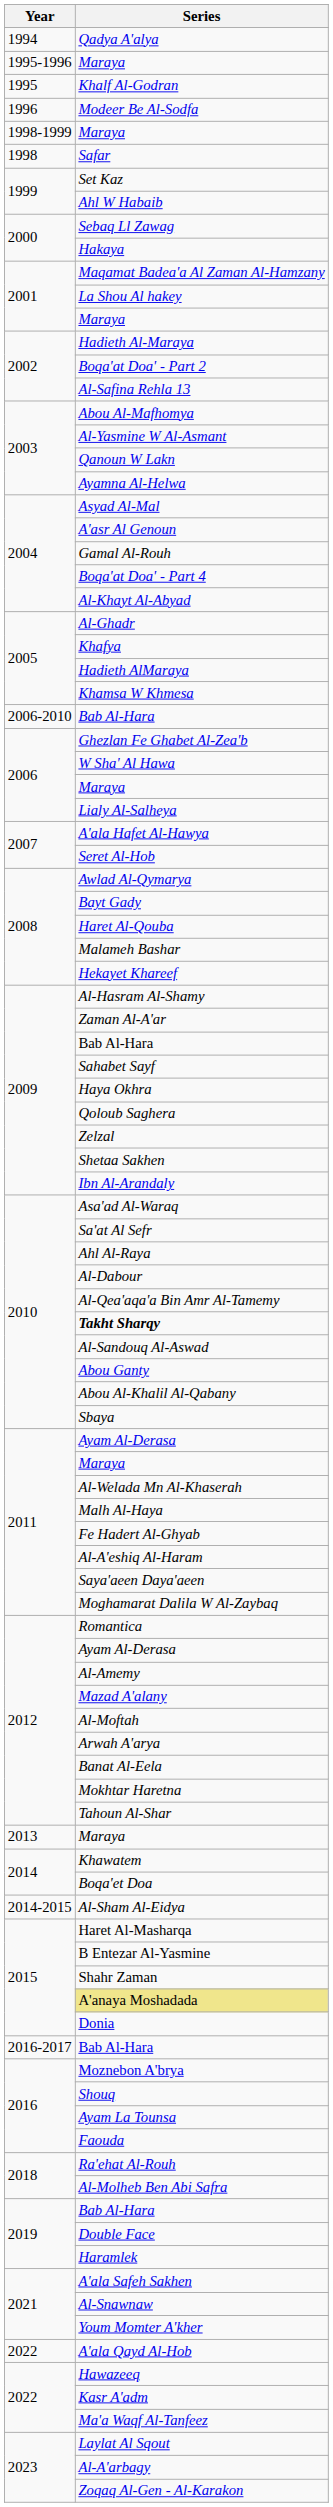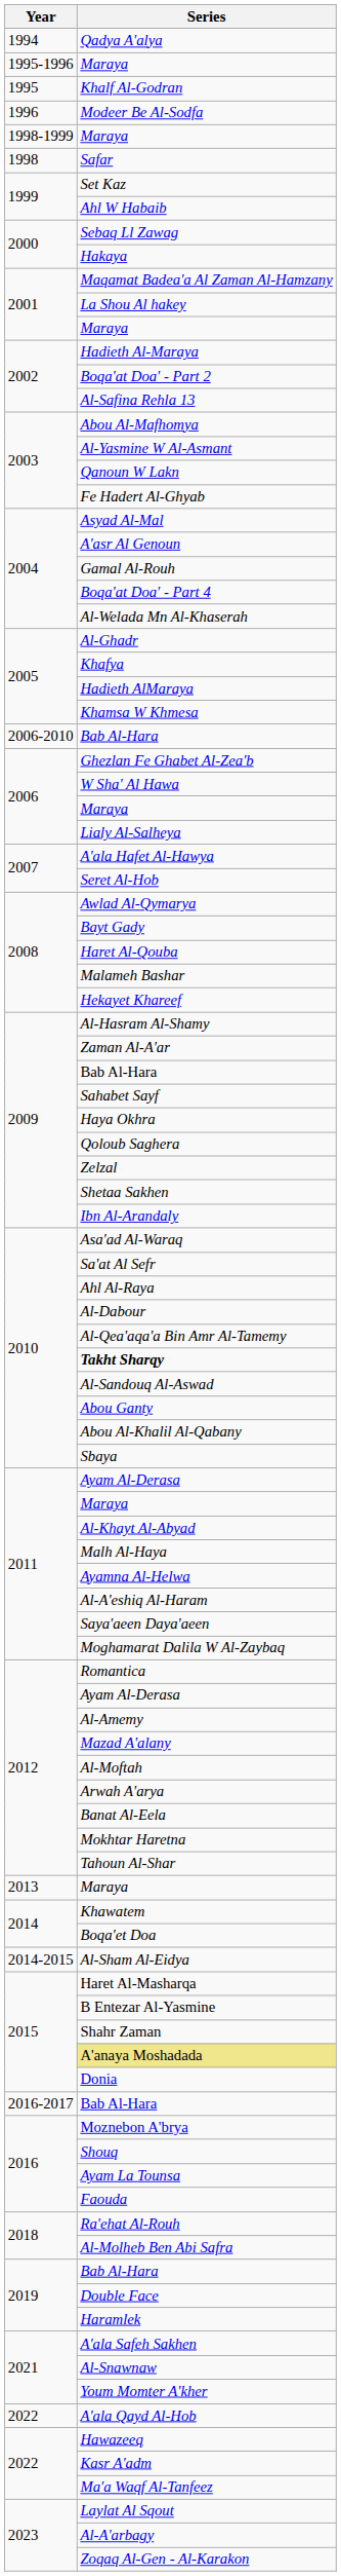 <table class="wikitable">
 <tr>
 <th>Year</th>
 <th>Series</th>
 </tr>
 <tr>
 <td>1994</td>
 <td><em><a href='#'>Qadya A'alya</a></em></td>
 </tr>
 <tr>
 <td>1995-1996</td>
 <td><em><a href='#'>Maraya</a></em></td>
 </tr>
 <tr>
 <td>1995</td>
 <td><em><a href='#'>Khalf Al-Godran</a></em></td>
 </tr>
 <tr>
 <td>1996</td>
 <td><em><a href='#'>Modeer Be Al-Sodfa</a></em></td>
 </tr>
 <tr>
 <td>1998-1999</td>
 <td><em><a href='#'>Maraya</a></em></td>
 </tr>
 <tr>
 <td>1998</td>
 <td><em><a href='#'>Safar</a></em></td>
 </tr>
 <tr>
 <td rowspan="2">1999</td>
 <td><em>Set Kaz</em></td>
 </tr>
 <tr>
 <td><em><a href='#'>Ahl W Habaib</a></em></td>
 </tr>
 <tr>
 <td rowspan="2">2000</td>
 <td><em><a href='#'>Sebaq Ll Zawag</a></em></td>
 </tr>
 <tr>
 <td><em><a href='#'>Hakaya</a></em></td>
 </tr>
 <tr>
 <td rowspan="3">2001</td>
 <td><em><a href='#'>Maqamat Badea'a Al Zaman Al-Hamzany</a></em></td>
 </tr>
 <tr>
 <td><em><a href='#'>La Shou Al hakey</a></em></td>
 </tr>
 <tr>
 <td><em><a href='#'>Maraya</a></em></td>
 </tr>
 <tr>
 <td rowspan="3">2002</td>
 <td><em><a href='#'>Hadieth Al-Maraya</a></em></td>
 </tr>
 <tr>
 <td><em><a href='#'>Boqa'at Doa' - Part 2</a></em></td>
 </tr>
 <tr>
 <td><em><a href='#'>Al-Safina Rehla 13</a></em></td>
 </tr>
 <tr>
 <td rowspan="4">2003</td>
 <td><em><a href='#'>Abou Al-Mafhomya</a></em></td>
 </tr>
 <tr>
 <td><em><a href='#'>Al-Yasmine W Al-Asmant</a></em></td>
 </tr>
 <tr>
 <td><em><a href='#'>Qanoun W Lakn</a></em></td>
 </tr>
 <tr>
-<td><em><a href='#'>Ayamna Al-Helwa</a></em></td>
+<td><em>Fe Hadert Al-Ghyab</em></td>
 </tr>
 <tr>
 <td rowspan="5">2004</td>
 <td><em><a href='#'>Asyad Al-Mal</a></em></td>
 </tr>
 <tr>
 <td><em><a href='#'>A'asr Al Genoun</a></em></td>
 </tr>
 <tr>
 <td><em>Gamal Al-Rouh</em></td>
 </tr>
 <tr>
 <td><em><a href='#'>Boqa'at Doa' - Part 4</a></em></td>
 </tr>
 <tr>
-<td><em><a href='#'>Al-Khayt Al-Abyad</a></em></td>
+<td><em>Al-Welada Mn Al-Khaserah</em></td>
 </tr>
 <tr>
 <td rowspan="4">2005</td>
 <td><em><a href='#'>Al-Ghadr</a></em></td>
 </tr>
 <tr>
 <td><em><a href='#'>Khafya</a></em></td>
 </tr>
 <tr>
 <td><em><a href='#'>Hadieth AlMaraya</a></em></td>
 </tr>
 <tr>
 <td><em><a href='#'>Khamsa W Khmesa</a></em></td>
 </tr>
 <tr>
 <td>2006-2010</td>
 <td><em><a href='#'>Bab Al-Hara</a></em></td>
 </tr>
 <tr>
 <td rowspan="4">2006</td>
 <td><em><a href='#'>Ghezlan Fe Ghabet Al-Zea'b</a></em></td>
 </tr>
 <tr>
 <td><em><a href='#'>W Sha' Al Hawa</a></em></td>
 </tr>
 <tr>
 <td><em><a href='#'>Maraya</a></em></td>
 </tr>
 <tr>
 <td><em><a href='#'>Lialy Al-Salheya</a></em></td>
 </tr>
 <tr>
 <td rowspan="2">2007</td>
 <td><em><a href='#'>A'ala Hafet Al-Hawya</a></em></td>
 </tr>
 <tr>
 <td><em><a href='#'>Seret Al-Hob</a></em></td>
 </tr>
 <tr>
 <td rowspan="5">2008</td>
 <td><em><a href='#'>Awlad Al-Qymarya</a></em></td>
 </tr>
 <tr>
 <td><em><a href='#'>Bayt Gady</a></em></td>
 </tr>
 <tr>
 <td><em><a href='#'>Haret Al-Qouba</a></em></td>
 </tr>
 <tr>
 <td><em>Malameh Bashar</em></td>
 </tr>
 <tr>
 <td><em><a href='#'>Hekayet Khareef</a></em></td>
 </tr>
 <tr>
 <td rowspan="9">2009</td>
 <td><em>Al-Hasram Al-Shamy</em></td>
 </tr>
 <tr>
 <td><em>Zaman Al-A'ar</em></td>
 </tr>
 <tr>
 <td></em>Bab Al-Hara<em></td>
 </tr>
 <tr>
 <td><em>Sahabet Sayf</em></td>
 </tr>
 <tr>
 <td><em>Haya Okhra</em></td>
 </tr>
 <tr>
 <td><em>Qoloub Saghera</em></td>
 </tr>
 <tr>
 <td><em>Zelzal</em></td>
 </tr>
 <tr>
 <td><em>Shetaa Sakhen</em></td>
 </tr>
 <tr>
 <td><em><a href='#'>Ibn Al-Arandaly</a></em></td>
 </tr>
 <tr>
 <td rowspan="10">2010</td>
 <td><em>Asa'ad Al-Waraq</em></td>
 </tr>
 <tr>
 <td><em>Sa'at Al Sefr</em></td>
 </tr>
 <tr>
 <td><em>Ahl Al-Raya</em></td>
 </tr>
 <tr>
 <td><em>Al-Dabour</em></td>
 </tr>
 <tr>
 <td><em>Al-Qea'aqa'a Bin  Amr Al-Tamemy</em></td>
 </tr>
 <tr>
 <td><strong><em>Takht Sharqy</em></strong></td>
 </tr>
 <tr>
 <td><em>Al-Sandouq Al-Aswad</em></td>
 </tr>
 <tr>
 <td><em><a href='#'>Abou Ganty</a></em></td>
 </tr>
 <tr>
 <td><em>Abou Al-Khalil Al-Qabany</em></td>
 </tr>
 <tr>
 <td><em>Sbaya</em></td>
 </tr>
 <tr>
 <td rowspan="8">2011</td>
 <td><em><a href='#'>Ayam Al-Derasa</a></em></td>
 </tr>
 <tr>
 <td><em><a href='#'>Maraya</a></em></td>
 </tr>
 <tr>
-<td><em>Al-Welada Mn Al-Khaserah</em></td>
+<td><em><a href='#'>Al-Khayt Al-Abyad</a></em></td>
 </tr>
 <tr>
 <td><em>Malh Al-Haya</em></td>
 </tr>
 <tr>
-<td><em>Fe Hadert Al-Ghyab</em></td>
+<td><em><a href='#'>Ayamna Al-Helwa</a></em></td>
 </tr>
 <tr>
 <td><em>Al-A'eshiq Al-Haram</em></td>
 </tr>
 <tr>
 <td><em>Saya'aeen Daya'aeen</em></td>
 </tr>
 <tr>
 <td><em>Moghamarat Dalila W Al-Zaybaq</em></td>
 </tr>
 <tr>
 <td rowspan="9">2012</td>
 <td><em>Romantica</em></td>
 </tr>
 <tr>
 <td><em>Ayam Al-Derasa</em></td>
 </tr>
 <tr>
 <td><em>Al-Amemy</em></td>
 </tr>
 <tr>
 <td><em><a href='#'>Mazad A'alany</a></em></td>
 </tr>
 <tr>
 <td><em>Al-Moftah</em></td>
 </tr>
 <tr>
 <td><em>Arwah A'arya</em></td>
 </tr>
 <tr>
 <td><em>Banat Al-Eela</em></td>
 </tr>
 <tr>
 <td><em>Mokhtar Haretna</em></td>
 </tr>
 <tr>
 <td><em>Tahoun Al-Shar</em></td>
 </tr>
 <tr>
 <td>2013</td>
 <td><em>Maraya</em></td>
 </tr>
 <tr>
 <td rowspan="2">2014</td>
 <td><em>Khawatem</em></td>
 </tr>
 <tr>
 <td><em>Boqa'et Doa<strong></td>
 </tr>
 <tr>
 <td>2014-2015</td>
 <td><em>Al-Sham Al-Eidya</em></td>
 </tr>
 <tr>
 <td rowspan="5">2015</td>
 <td></em>Haret Al-Masharqa<em></td>
 </tr>
 <tr>
 <td></em>B Entezar Al-Yasmine<em></td>
 </tr>
 <tr>
 <td></em>Shahr Zaman<em></td>
 </tr>
 <tr>
 <td style="background: khaki;"></em>A'anaya Moshadada<em></td>
 </tr>
 <tr>
 <td></em><a href='#'>Donia</a><em></td>
 </tr>
 <tr>
 <td>2016-2017</td>
 <td></em><a href='#'>Bab Al-Hara</a><em></td>
 </tr>
 <tr>
 <td rowspan="4">2016</td>
 <td></em><a href='#'>Moznebon A'brya</a></strong></td>
 </tr>
 <tr>
 <td><em><a href='#'>Shouq</a></em></td>
 </tr>
 <tr>
 <td><em><a href='#'>Ayam La Tounsa</a></em></td>
 </tr>
 <tr>
 <td><em><a href='#'>Faouda</a></em></td>
 </tr>
 <tr>
 <td rowspan="2">2018</td>
 <td><em><a href='#'>Ra'ehat Al-Rouh</a></em></td>
 </tr>
 <tr>
 <td><em><a href='#'>Al-Molheb Ben Abi Safra</a></em></td>
 </tr>
 <tr>
 <td rowspan="3">2019</td>
 <td><em><a href='#'>Bab Al-Hara</a></em></td>
 </tr>
 <tr>
 <td><em><a href='#'>Double Face</a></em></td>
 </tr>
 <tr>
 <td><em><a href='#'>Haramlek</a></em></td>
 </tr>
 <tr>
 <td rowspan="3">2021</td>
 <td><em><a href='#'>A'ala Safeh Sakhen</a></em></td>
 </tr>
 <tr>
 <td><em><a href='#'>Al-Snawnaw</a></em></td>
 </tr>
 <tr>
 <td><em><a href='#'>Youm Momter A'kher</a></em></td>
 </tr>
 <tr>
 <td>2022</td>
 <td><em><a href='#'>A'ala Qayd Al-Hob</a></em></td>
 </tr>
 <tr>
 <td rowspan="3">2022</td>
 <td><em><a href='#'>Hawazeeq</a></em></td>
 </tr>
 <tr>
 <td><em><a href='#'>Kasr A'adm</a></em></td>
 </tr>
 <tr>
 <td><em><a href='#'>Ma'a Waqf Al-Tanfeez</a></em></td>
 </tr>
 <tr>
 <td rowspan="3">2023</td>
 <td><em><a href='#'>Laylat Al Sqout</a></em></td>
 </tr>
 <tr>
 <td><em><a href='#'>Al-A'arbagy</a></em></td>
 </tr>
 <tr>
 <td><em><a href='#'>Zoqaq Al-Gen - Al-Karakon</a></em></td>
 </tr>
 </table>
